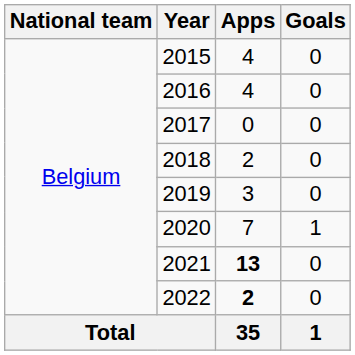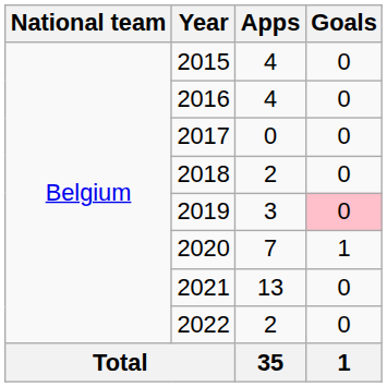 <table class="wikitable" style="text-align:center">
 <tr>
 <th>National team</th>
 <th>Year</th>
 <th>Apps</th>
 <th>Goals</th>
 </tr>
 <tr>
 <td rowspan="8"><a href='#'>Belgium</a></td>
 <td>2015</td>
 <td>4</td>
 <td>0</td>
 </tr>
 <tr>
 <td>2016</td>
 <td>4</td>
 <td>0</td>
 </tr>
 <tr>
 <td>2017</td>
 <td>0</td>
 <td>0</td>
 </tr>
 <tr>
 <td>2018</td>
 <td>2</td>
 <td>0</td>
 </tr>
 <tr>
 <td>2019</td>
 <td>3</td>
-<td>0</td>
+<td style="background: pink;">0</td>
 </tr>
 <tr>
 <td>2020</td>
 <td>7</td>
 <td>1</td>
 </tr>
 <tr>
 <td>2021</td>
-<td><strong>13</strong></td>
+<td>13</td>
 <td>0</td>
 </tr>
 <tr>
 <td>2022</td>
-<td><strong>2</strong></td>
+<td>2</td>
 <td>0</td>
 </tr>
 <tr>
 <th colspan="2">Total</th>
 <th>35</th>
 <th>1</th>
 </tr>
 </table>
